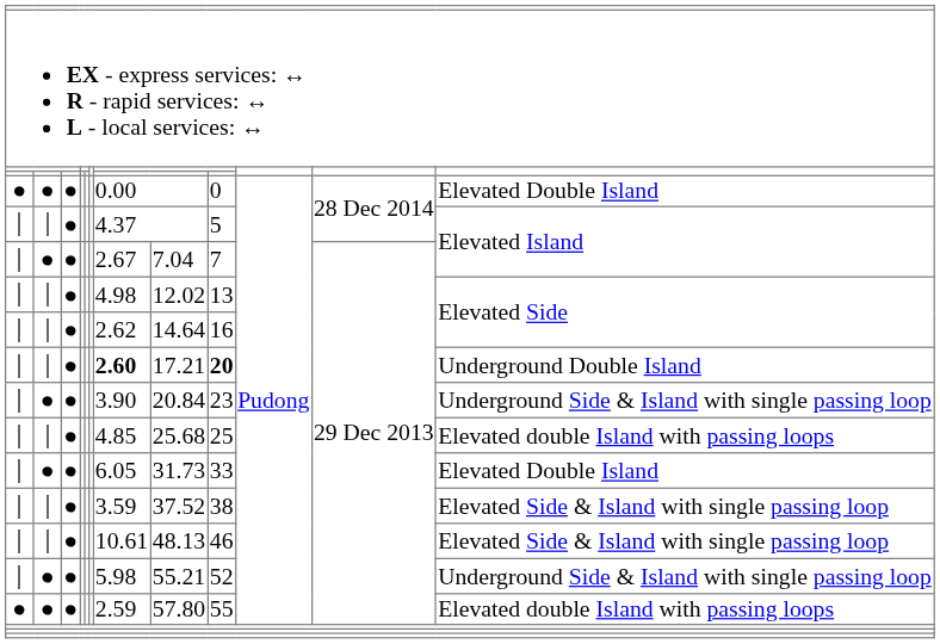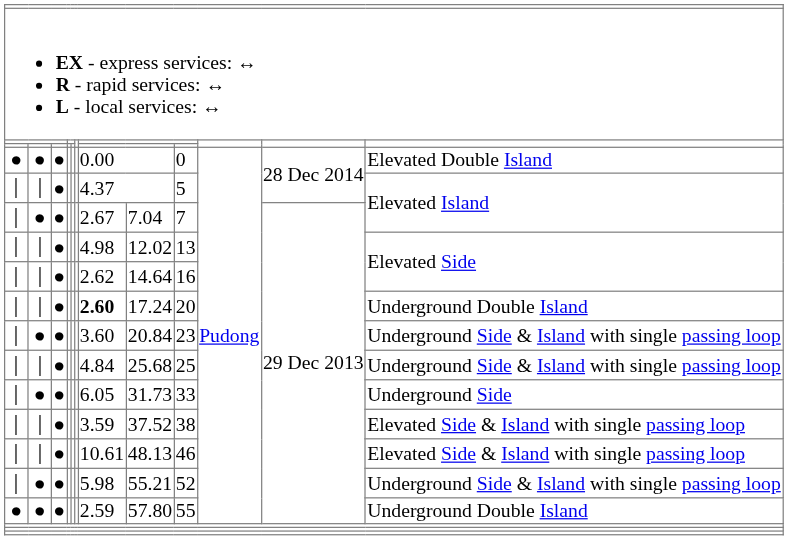 <table border=1 style="border-collapse: collapse;" class="mw-collapsible">
 <tr>
 <th colspan="12" style="text-align: center"></th>
 </tr>
 <tr>
 <td colspan="12" style="text-align: left"><br><ul><li><strong>EX</strong> - express services:  ↔ </li><li><strong>R</strong> - rapid services:  ↔ </li><li><strong>L</strong> - local services:  ↔ </li></ul></td>
 </tr>
 <tr>
 <th rowspan="1" colspan="3"></th>
 <th colspan="2"></th>
 <th rowspan="2"></th>
 <th colspan="3" rowspan="1"></th>
 <th rowspan="2"></th>
 <th rowspan="2"></th>
 <th rowspan="2"></th>
 </tr>
 <tr>
 <th rowspan="1"></th>
 <th rowspan="1"></th>
 <th rowspan="1"></th>
 <th></th>
 <th></th>
 <th colspan="2"></th>
 <th></th>
 </tr>
 <tr>
 <td align="center">●</td>
 <td align="center">●</td>
 <td align="center">●</td>
 <td></td>
 <td></td>
 <td>   </td>
 <td colspan="2">0.00</td>
 <td>0</td>
 <td rowspan=13><a href='#'>Pudong</a></td>
 <td rowspan=2>28 Dec 2014</td>
 <td>Elevated Double <a href='#'>Island</a></td>
 </tr>
 <tr>
 <td align="center">｜</td>
 <td align="center">｜</td>
 <td align="center">●</td>
 <td></td>
 <td></td>
 <td></td>
 <td colspan="2">4.37</td>
 <td>5</td>
 <td rowspan=2>Elevated <a href='#'>Island</a></td>
 </tr>
 <tr>
 <td align="center">｜</td>
 <td align="center">●</td>
 <td align="center">●</td>
 <td></td>
 <td></td>
 <td></td>
 <td>2.67</td>
 <td>7.04</td>
 <td>7</td>
 <td rowspan=11>29 Dec 2013</td>
 </tr>
 <tr>
 <td align="center">｜</td>
 <td align="center">｜</td>
 <td align="center">●</td>
 <td></td>
 <td></td>
 <td></td>
 <td>4.98</td>
 <td>12.02</td>
 <td>13</td>
 <td rowspan=2>Elevated <a href='#'>Side</a></td>
 </tr>
 <tr>
 <td align="center">｜</td>
 <td align="center">｜</td>
 <td align="center">●</td>
 <td></td>
 <td></td>
 <td></td>
 <td>2.62</td>
 <td>14.64</td>
 <td>16</td>
 </tr>
 <tr>
 <td align="center">｜</td>
 <td align="center">｜</td>
 <td align="center">●</td>
 <td></td>
 <td></td>
 <td></td>
 <td><strong>2.60</strong></td>
-<td>17.21</td>
-<td><strong>20</strong></td>
+<td>17.24</td>
+<td>20</td>
 <td>Underground Double <a href='#'>Island</a></td>
 </tr>
 <tr>
 <td align="center">｜</td>
 <td align="center">●</td>
 <td align="center">●</td>
 <td></td>
 <td></td>
 <td></td>
-<td>3.90</td>
+<td>3.60</td>
 <td>20.84</td>
 <td>23</td>
 <td>Underground <a href='#'>Side</a> & <a href='#'>Island</a> with single <a href='#'>passing loop</a></td>
 </tr>
 <tr>
 <td align="center">｜</td>
 <td align="center">｜</td>
 <td align="center">●</td>
 <td></td>
 <td></td>
 <td></td>
-<td>4.85</td>
+<td>4.84</td>
 <td>25.68</td>
 <td>25</td>
-<td>Elevated double <a href='#'>Island</a> with <a href='#'>passing loops</a></td>
+<td>Underground <a href='#'>Side</a> & <a href='#'>Island</a> with single <a href='#'>passing loop</a></td>
 </tr>
 <tr>
 <td align="center">｜</td>
 <td align="center">●</td>
 <td align="center">●</td>
 <td></td>
 <td></td>
 <td></td>
 <td>6.05</td>
 <td>31.73</td>
 <td>33</td>
-<td>Elevated Double <a href='#'>Island</a></td>
+<td>Underground <a href='#'>Side</a></td>
 </tr>
 <tr>
 <td align="center">｜</td>
 <td align="center">｜</td>
 <td align="center">●</td>
 <td></td>
 <td></td>
 <td></td>
 <td>3.59</td>
 <td>37.52</td>
 <td>38</td>
 <td>Elevated <a href='#'>Side</a> & <a href='#'>Island</a> with single <a href='#'>passing loop</a></td>
 </tr>
 <tr>
 <td align="center">｜</td>
 <td align="center">｜</td>
 <td align="center">●</td>
 <td></td>
 <td></td>
 <td></td>
 <td>10.61</td>
 <td>48.13</td>
 <td>46</td>
 <td>Elevated <a href='#'>Side</a> & <a href='#'>Island</a> with single <a href='#'>passing loop</a></td>
 </tr>
 <tr>
 <td align="center">｜</td>
 <td align="center">●</td>
 <td align="center">●</td>
 <td></td>
 <td></td>
 <td></td>
 <td>5.98</td>
 <td>55.21</td>
 <td>52</td>
 <td>Underground <a href='#'>Side</a> & <a href='#'>Island</a> with single <a href='#'>passing loop</a></td>
 </tr>
 <tr>
 <td align="center">●</td>
 <td align="center">●</td>
 <td align="center">●</td>
 <td></td>
 <td></td>
 <td></td>
 <td>2.59</td>
 <td>57.80</td>
 <td>55</td>
-<td>Elevated double <a href='#'>Island</a> with <a href='#'>passing loops</a></td>
+<td>Underground Double <a href='#'>Island</a></td>
 </tr>
 <tr style="background:#">
 <td colspan = "12"></td>
 </tr>
 <tr>
 <td colspan = "12"></td>
 </tr>
 <tr style="background: #">
 <td colspan = "12"></td>
 </tr>
 </table>
